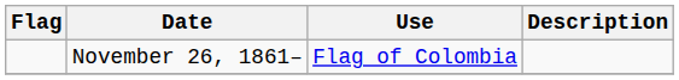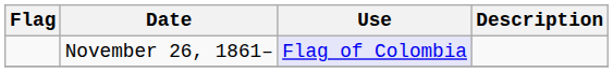 <table class="wikitable sortable">
 <tr>
 <th class="unsortable">Flag</th>
 <th>Date</th>
 <th class="unsortable">Use</th>
 <th class="unsortable">Description</th>
 </tr>
 <tr>
 <td></td>
 <td>November 26, 1861–</td>
-<td><a href='#'>Flag of Colombia</a></td>
+<td style="background: lavender;"><a href='#'>Flag of Colombia</a></td>
 <td></td>
 </tr>
 <tr>
 </tr>
 </table>
